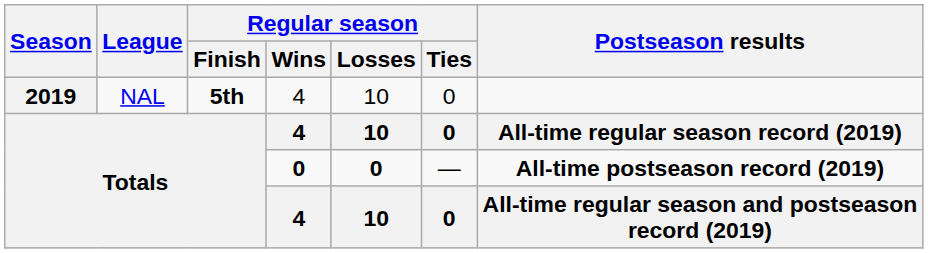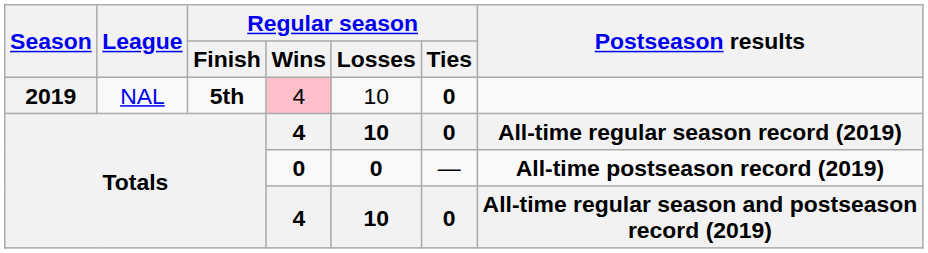 <table class="wikitable" style="text-align:center; font-size: 95%;">
 <tr>
 <th rowspan="2"><a href='#'>Season</a></th>
 <th rowspan="2"><a href='#'>League</a></th>
 <th colspan="4"><a href='#'>Regular season</a></th>
 <th rowspan="2"><a href='#'>Postseason</a> results</th>
 </tr>
 <tr>
 <th>Finish</th>
 <th>Wins</th>
 <th>Losses</th>
 <th>Ties</th>
 </tr>
 <tr>
 <th>2019</th>
 <td><a href='#'>NAL</a></td>
 <td><strong>5th</strong></td>
-<td>4</td>
+<td style="background: pink;">4</td>
 <td>10</td>
-<td>0</td>
+<td><strong>0</strong></td>
 <td align="left"></td>
 </tr>
 <tr>
 <th rowspan="3" colspan="3">Totals</th>
 <th>4</th>
 <th>10</th>
 <th>0</th>
 <th>All-time regular season record (2019)</th>
 </tr>
 <tr>
 <td><strong>0</strong></td>
 <td><strong>0</strong></td>
 <td>—</td>
 <td><strong>All-time postseason record (2019)</strong></td>
 </tr>
 <tr>
 <th>4</th>
 <th>10</th>
 <th>0</th>
 <th>All-time regular season and postseason record (2019)</th>
 </tr>
 </table>
